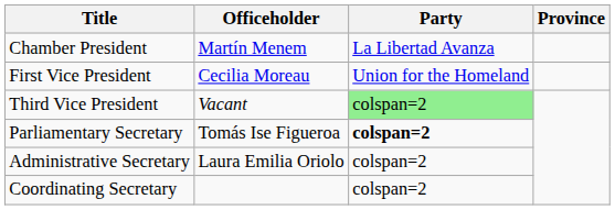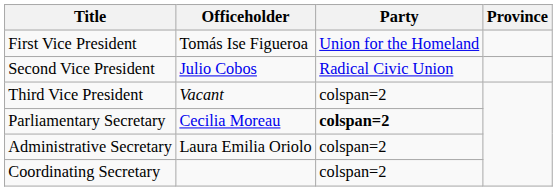 <table class="wikitable">
 <tr>
 <th>Title</th>
 <th>Officeholder</th>
 <th>Party</th>
 <th>Province</th>
 </tr>
 <tr>
-<td>Chamber President</td>
-<td><a href='#'>Martín Menem</a></td>
-<td><a href='#'>La Libertad Avanza</a></td>
+<td>First Vice President</td>
+<td>Tomás Ise Figueroa</td>
+<td><a href='#'>Union for the Homeland</a></td>
 <td></td>
 </tr>
 <tr>
-<td>First Vice President</td>
-<td><a href='#'>Cecilia Moreau</a></td>
-<td><a href='#'>Union for the Homeland</a></td>
+<td>Second Vice President</td>
+<td><a href='#'>Julio Cobos</a></td>
+<td><a href='#'>Radical Civic Union</a></td>
 <td></td>
 </tr>
 <tr>
 <td>Third Vice President</td>
 <td><em>Vacant</em></td>
-<td style="background: lightgreen;">colspan=2 </td>
+<td>colspan=2 </td>
 </tr>
 <tr>
 <td>Parliamentary Secretary</td>
-<td>Tomás Ise Figueroa</td>
+<td><a href='#'>Cecilia Moreau</a></td>
 <td><strong>colspan=2 </strong></td>
 </tr>
 <tr>
 <td>Administrative Secretary</td>
 <td>Laura Emilia Oriolo</td>
 <td>colspan=2 </td>
 </tr>
 <tr>
 <td>Coordinating Secretary</td>
 <td></td>
 <td>colspan=2 </td>
 </tr>
 </table>
